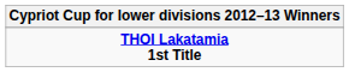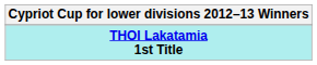 <table class="wikitable" style="text-align: center; margin: 0 auto;">
 <tr>
 <th>Cypriot Cup for lower divisions 2012–13 Winners</th>
 </tr>
 <tr>
 </tr>
 <tr>
-<td><strong><a href='#'>THOI Lakatamia</a></strong><br><strong>1st Title</strong></td>
+<td style="background: paleturquoise;"><strong><a href='#'>THOI Lakatamia</a></strong><br><strong>1st Title</strong></td>
 </tr>
 </table>
